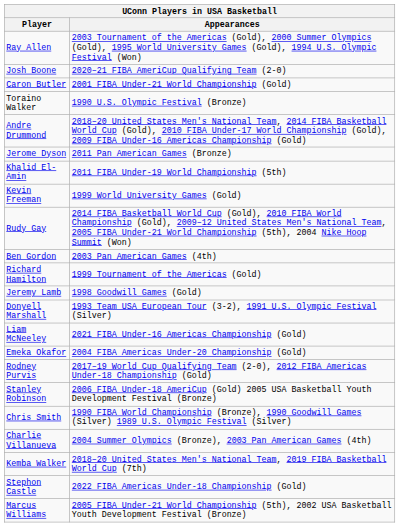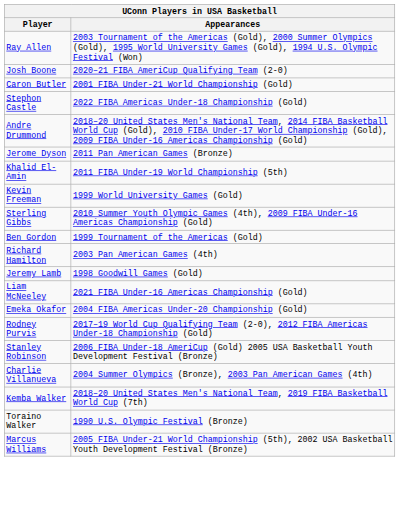 <table class="wikitable">
 <tr>
 <th colspan="2">UConn Players in USA Basketball</th>
 </tr>
 <tr>
 <th>Player</th>
 <th>Appearances</th>
 </tr>
 <tr>
 <td><a href='#'>Ray Allen</a></td>
 <td><a href='#'>2003 Tournament of the Americas</a> (Gold), <a href='#'>2000 Summer Olympics</a> (Gold), <a href='#'>1995 World University Games</a> (Gold), <a href='#'>1994 U.S. Olympic Festival</a> (Won)</td>
 </tr>
 <tr>
 <td><a href='#'>Josh Boone</a></td>
 <td><a href='#'>2020–21 FIBA AmeriCup Qualifying Team</a> (2-0)</td>
 </tr>
 <tr>
 <td><a href='#'>Caron Butler</a></td>
 <td><a href='#'>2001 FIBA Under-21 World Championship</a> (Gold)</td>
 </tr>
 <tr>
-<td>Toraino Walker</td>
-<td><a href='#'>1990 U.S. Olympic Festival</a> (Bronze)</td>
+<td><a href='#'>Stephon Castle</a></td>
+<td><a href='#'>2022 FIBA Americas Under-18 Championship</a> (Gold)</td>
 </tr>
 <tr>
 <td><a href='#'>Andre Drummond</a></td>
 <td><a href='#'>2018–20 United States Men's National Team</a>, <a href='#'>2014 FIBA Basketball World Cup</a> (Gold), <a href='#'>2010 FIBA Under-17 World Championship</a> (Gold), <a href='#'>2009 FIBA Under-16 Americas Championship</a> (Gold)</td>
 </tr>
 <tr>
 <td><a href='#'>Jerome Dyson</a></td>
 <td><a href='#'>2011 Pan American Games</a> (Bronze)</td>
 </tr>
 <tr>
 <td><a href='#'>Khalid El-Amin</a></td>
 <td><a href='#'>2011 FIBA Under-19 World Championship</a> (5th)</td>
 </tr>
 <tr>
 <td><a href='#'>Kevin Freeman</a></td>
 <td><a href='#'>1999 World University Games</a> (Gold)</td>
 </tr>
 <tr>
-<td><a href='#'>Rudy Gay</a></td>
-<td><a href='#'>2014 FIBA Basketball World Cup</a> (Gold), <a href='#'>2010 FIBA World Championship</a> (Gold), <a href='#'>2009–12 United States Men's National Team</a>, <a href='#'>2005 FIBA Under-21 World Championship</a> (5th), 2004 <a href='#'>Nike Hoop Summit</a> (Won)</td>
+<td><a href='#'>Sterling Gibbs</a></td>
+<td><a href='#'>2010 Summer Youth Olympic Games</a> (4th), <a href='#'>2009 FIBA Under-16 Americas Championship</a> (Gold)</td>
 </tr>
 <tr>
 <td><a href='#'>Ben Gordon</a></td>
-<td><a href='#'>2003 Pan American Games</a> (4th)</td>
+<td><a href='#'>1999 Tournament of the Americas</a> (Gold)</td>
 </tr>
 <tr>
 <td><a href='#'>Richard Hamilton</a></td>
-<td><a href='#'>1999 Tournament of the Americas</a> (Gold)</td>
+<td><a href='#'>2003 Pan American Games</a> (4th)</td>
 </tr>
 <tr>
 <td><a href='#'>Jeremy Lamb</a></td>
 <td><a href='#'>1998 Goodwill Games</a> (Gold)</td>
-</tr>
-<tr>
-<td><a href='#'>Donyell Marshall</a></td>
-<td><a href='#'>1993 Team USA European Tour</a> (3-2), <a href='#'>1991 U.S. Olympic Festival</a> (Silver)</td>
 </tr>
 <tr>
 <td><a href='#'>Liam McNeeley</a></td>
 <td><a href='#'>2021 FIBA Under-16 Americas Championship</a> (Gold)</td>
 </tr>
 <tr>
 <td><a href='#'>Emeka Okafor</a></td>
 <td><a href='#'>2004 FIBA Americas Under-20 Championship</a> (Gold)</td>
 </tr>
 <tr>
 <td><a href='#'>Rodney Purvis</a></td>
 <td><a href='#'>2017–19 World Cup Qualifying Team</a> (2-0), <a href='#'>2012 FIBA Americas Under-18 Championship</a> (Gold)</td>
 </tr>
 <tr>
 <td><a href='#'>Stanley Robinson</a></td>
 <td><a href='#'>2006 FIBA Under-18 AmeriCup</a> (Gold) 2005 USA Basketball Youth Development Festival (Bronze)</td>
 </tr>
 <tr>
-<td><a href='#'>Chris Smith</a></td>
-<td><a href='#'>1990 FIBA World Championship</a> (Bronze), <a href='#'>1990 Goodwill Games</a> (Silver) <a href='#'>1989 U.S. Olympic Festival</a> (Silver)</td>
-</tr>
-<tr>
 <td><a href='#'>Charlie Villanueva</a></td>
 <td><a href='#'>2004 Summer Olympics</a> (Bronze), <a href='#'>2003 Pan American Games</a> (4th)</td>
 </tr>
 <tr>
 <td><a href='#'>Kemba Walker</a></td>
 <td><a href='#'>2018–20 United States Men's National Team</a>, <a href='#'>2019 FIBA Basketball World Cup</a> (7th)</td>
 </tr>
 <tr>
-<td><a href='#'>Stephon Castle</a></td>
-<td><a href='#'>2022 FIBA Americas Under-18 Championship</a> (Gold)</td>
+<td>Toraino Walker</td>
+<td><a href='#'>1990 U.S. Olympic Festival</a> (Bronze)</td>
 </tr>
 <tr>
 <td><a href='#'>Marcus Williams</a></td>
 <td><a href='#'>2005 FIBA Under-21 World Championship</a> (5th), 2002 USA Basketball Youth Development Festival (Bronze)</td>
 </tr>
 </table>
